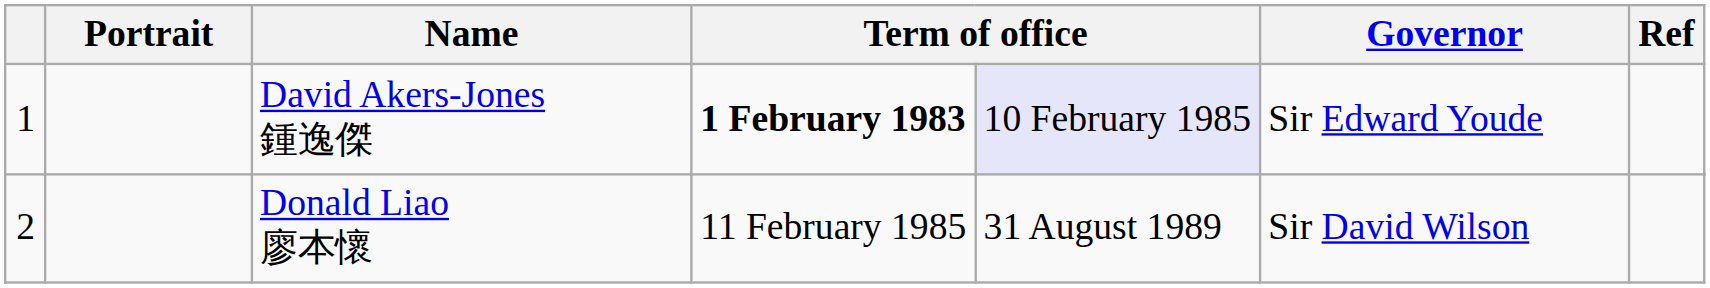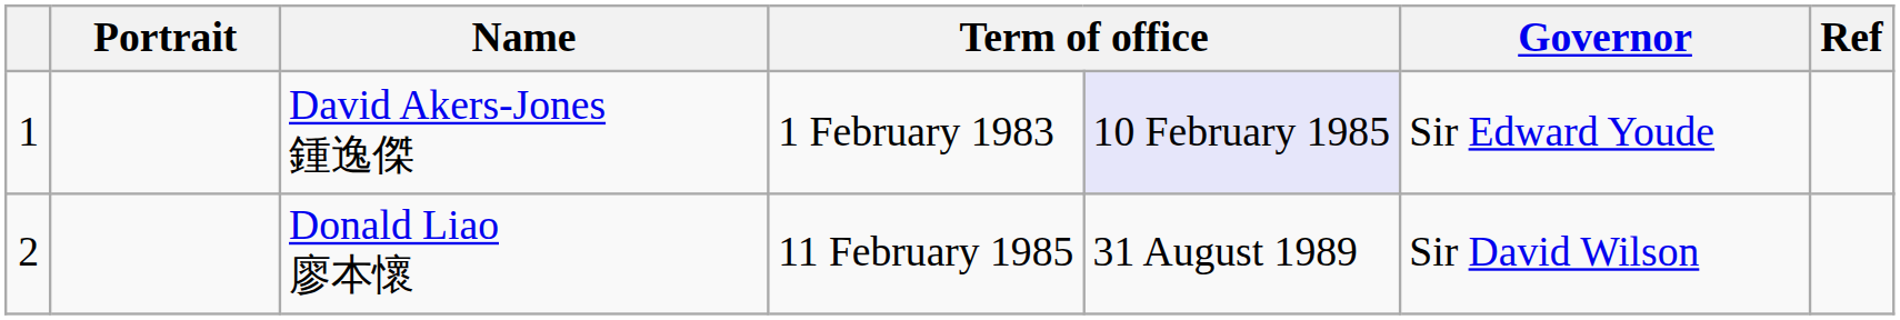 <table class="wikitable"  style="text-align:left">
 <tr>
 <th width=10px></th>
 <th width=80px>Portrait</th>
 <th width=180px>Name</th>
 <th width=180px colspan=2>Term of office</th>
 <th width=150px><a href='#'>Governor</a></th>
 <th>Ref</th>
 </tr>
 <tr>
 <td align=center>1</td>
 <td></td>
 <td><a href='#'>David Akers-Jones</a><br>鍾逸傑</td>
-<td><strong>1 February 1983</strong></td>
+<td>1 February 1983</td>
 <td style="background: lavender;">10 February 1985</td>
 <td rowspan=2>Sir <a href='#'>Edward Youde</a><br></td>
 <td></td>
 </tr>
 <tr>
 <td align=center rowspan=2>2</td>
 <td rowspan=2></td>
 <td rowspan=2><a href='#'>Donald Liao</a><br>廖本懷</td>
 <td rowspan=2>11 February 1985</td>
 <td rowspan=2>31 August 1989</td>
 <td rowspan=2></td>
 </tr>
 <tr>
 <td rowspan=2>Sir <a href='#'>David Wilson</a><br></td>
 </tr>
 </table>
